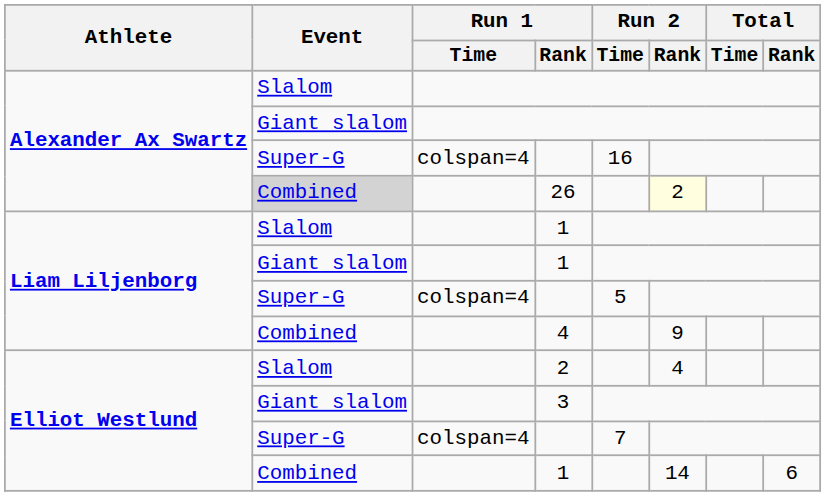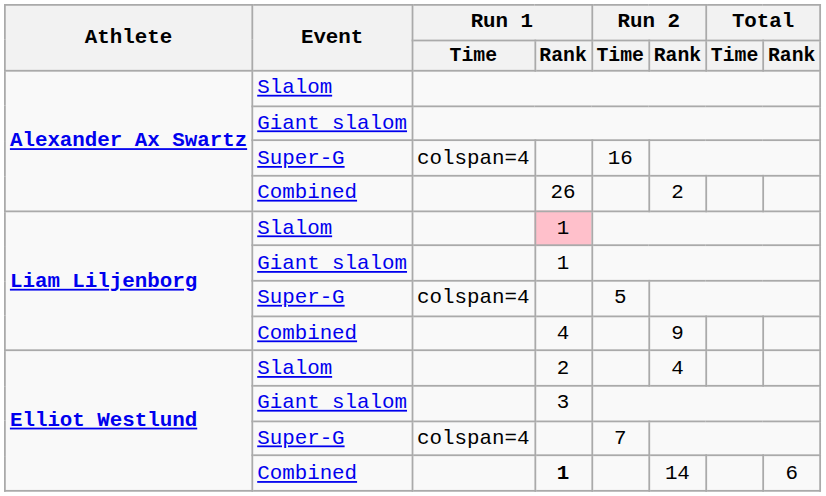 <table class="wikitable" style="font-size:90%">
 <tr>
 <th rowspan=2>Athlete</th>
 <th rowspan=2>Event</th>
 <th colspan=2>Run 1</th>
 <th colspan=2>Run 2</th>
 <th colspan=2>Total</th>
 </tr>
 <tr style="font-size:95%">
 <th>Time</th>
 <th>Rank</th>
 <th>Time</th>
 <th>Rank</th>
 <th>Time</th>
 <th>Rank</th>
 </tr>
 <tr align=center>
 <td align="left" rowspan=4><strong><a href='#'>Alexander Ax Swartz</a></strong></td>
 <td align="left"><a href='#'>Slalom</a></td>
 <td colspan=6></td>
 </tr>
 <tr align=center>
 <td align="left"><a href='#'>Giant slalom</a></td>
 <td colspan=6></td>
 </tr>
 <tr align=center>
 <td align="left"><a href='#'>Super-G</a></td>
 <td>colspan=4 </td>
 <td></td>
 <td>16</td>
 </tr>
 <tr align=center>
-<td align="left" style="background: lightgrey;"><a href='#'>Combined</a></td>
+<td align="left"><a href='#'>Combined</a></td>
 <td></td>
 <td>26</td>
 <td></td>
-<td style="background: lightyellow;">2</td>
+<td>2</td>
 <td></td>
 <td></td>
 </tr>
 <tr align=center>
 <td align="left" rowspan=4><strong><a href='#'>Liam Liljenborg</a></strong></td>
 <td align="left"><a href='#'>Slalom</a></td>
 <td></td>
-<td>1</td>
+<td style="background: pink;">1</td>
 <td colspan=4></td>
 </tr>
 <tr align=center>
 <td align="left"><a href='#'>Giant slalom</a></td>
 <td></td>
 <td>1</td>
 <td colspan=4></td>
 </tr>
 <tr align=center>
 <td align="left"><a href='#'>Super-G</a></td>
 <td>colspan=4 </td>
 <td></td>
 <td>5</td>
 </tr>
 <tr align=center>
 <td align="left"><a href='#'>Combined</a></td>
 <td></td>
 <td>4</td>
 <td></td>
 <td>9</td>
 <td></td>
 <td></td>
 </tr>
 <tr align=center>
 <td align="left" rowspan=4><strong><a href='#'>Elliot Westlund</a></strong></td>
 <td align="left"><a href='#'>Slalom</a></td>
 <td></td>
 <td>2</td>
 <td></td>
 <td>4</td>
 <td></td>
 <td></td>
 </tr>
 <tr align=center>
 <td align="left"><a href='#'>Giant slalom</a></td>
 <td></td>
 <td>3</td>
 <td colspan=4></td>
 </tr>
 <tr align=center>
 <td align="left"><a href='#'>Super-G</a></td>
 <td>colspan=4 </td>
 <td></td>
 <td>7</td>
 </tr>
 <tr align=center>
 <td align="left"><a href='#'>Combined</a></td>
 <td></td>
-<td>1</td>
+<td><strong>1</strong></td>
 <td></td>
 <td>14</td>
 <td></td>
 <td>6</td>
 </tr>
 </table>
